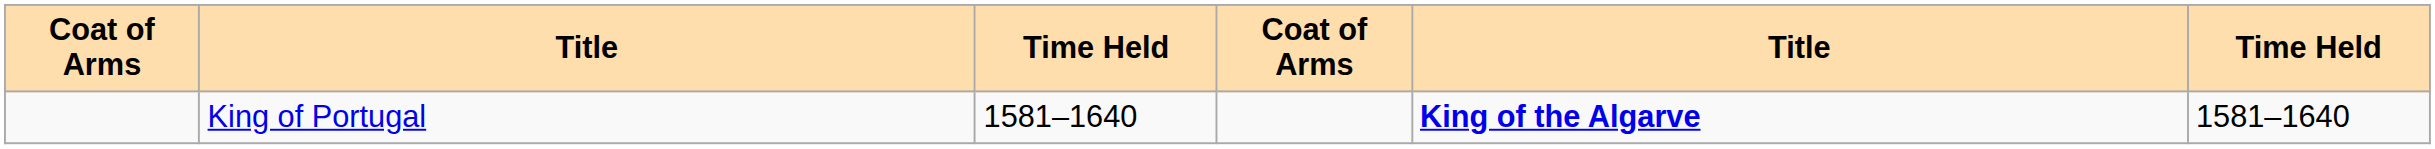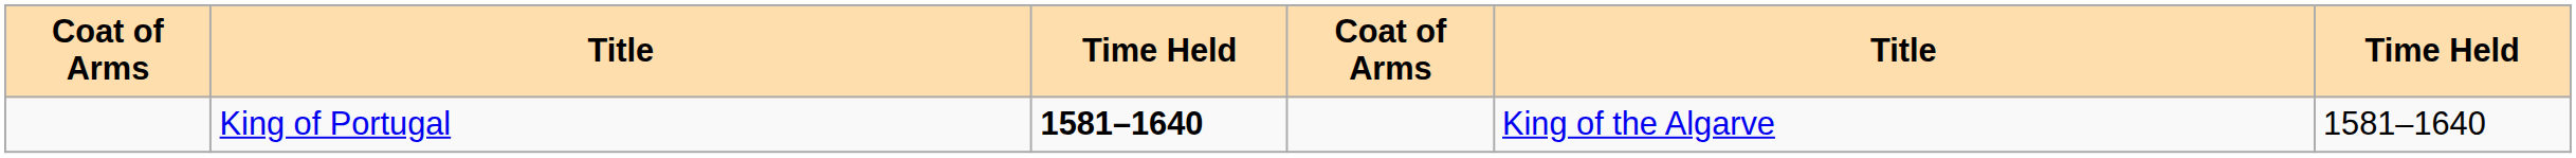 <table border="1" cellpadding="4" cellspacing="0" style="width:100%; margin:0.5em 1em 0.5em 0; background:#f9f9f9; border:1px #aaa solid; border-collapse:collapse;">
 <tr>
 <th style="width:8%; background:#ffdead;">Coat of Arms</th>
 <th style="width:32%; background:#ffdead;">Title</th>
 <th style="width:10%; background:#ffdead;">Time Held</th>
 <th style="width:8%; background:#ffdead;">Coat of Arms</th>
 <th style="width:32%; background:#ffdead;">Title</th>
 <th style="width:10%; background:#ffdead;">Time Held</th>
 </tr>
 <tr>
 <td></td>
 <td><a href='#'>King of Portugal</a></td>
-<td>1581–1640</td>
+<td><strong>1581–1640</strong></td>
 <td></td>
-<td><strong><a href='#'>King of the Algarve</a></strong></td>
+<td><a href='#'>King of the Algarve</a></td>
 <td>1581–1640</td>
 </tr>
 </table>
